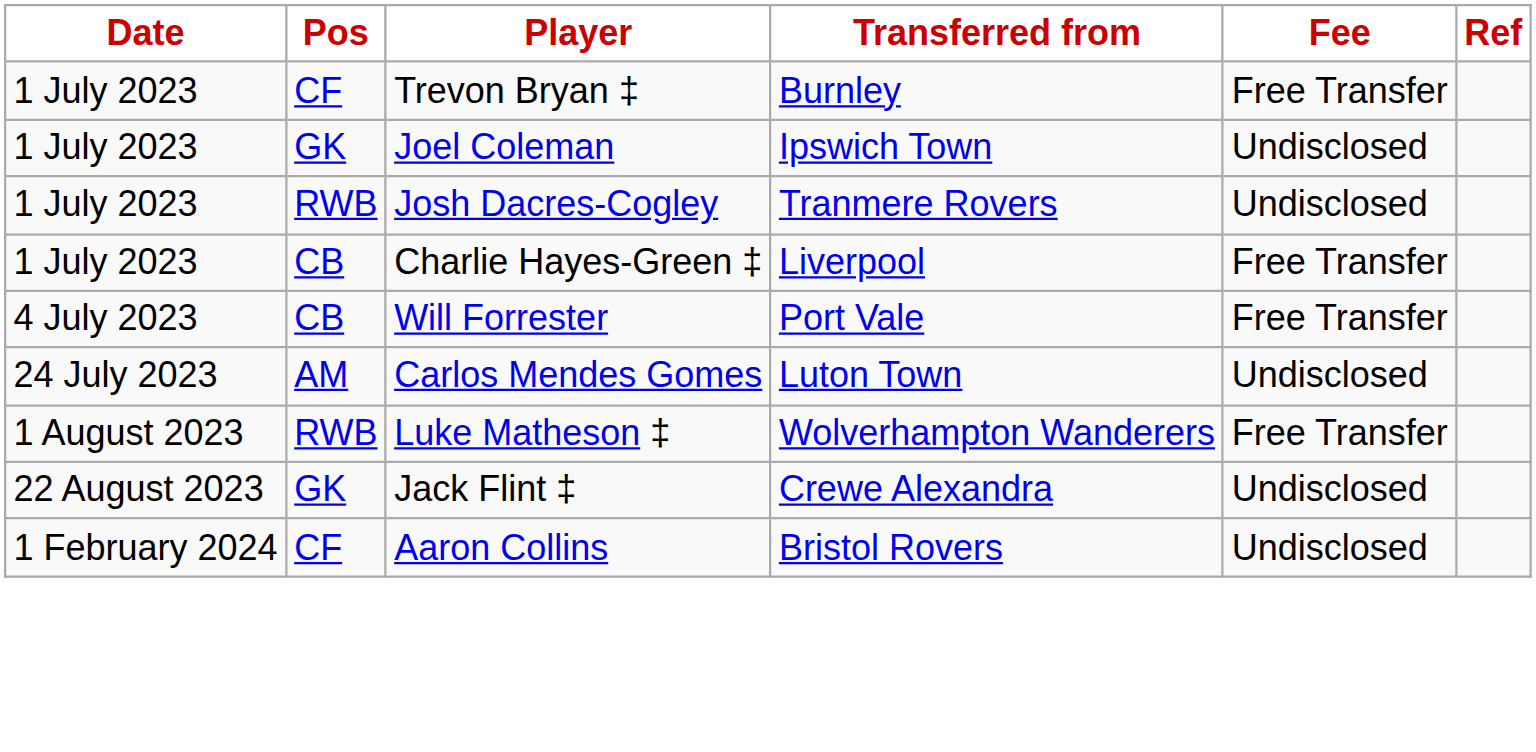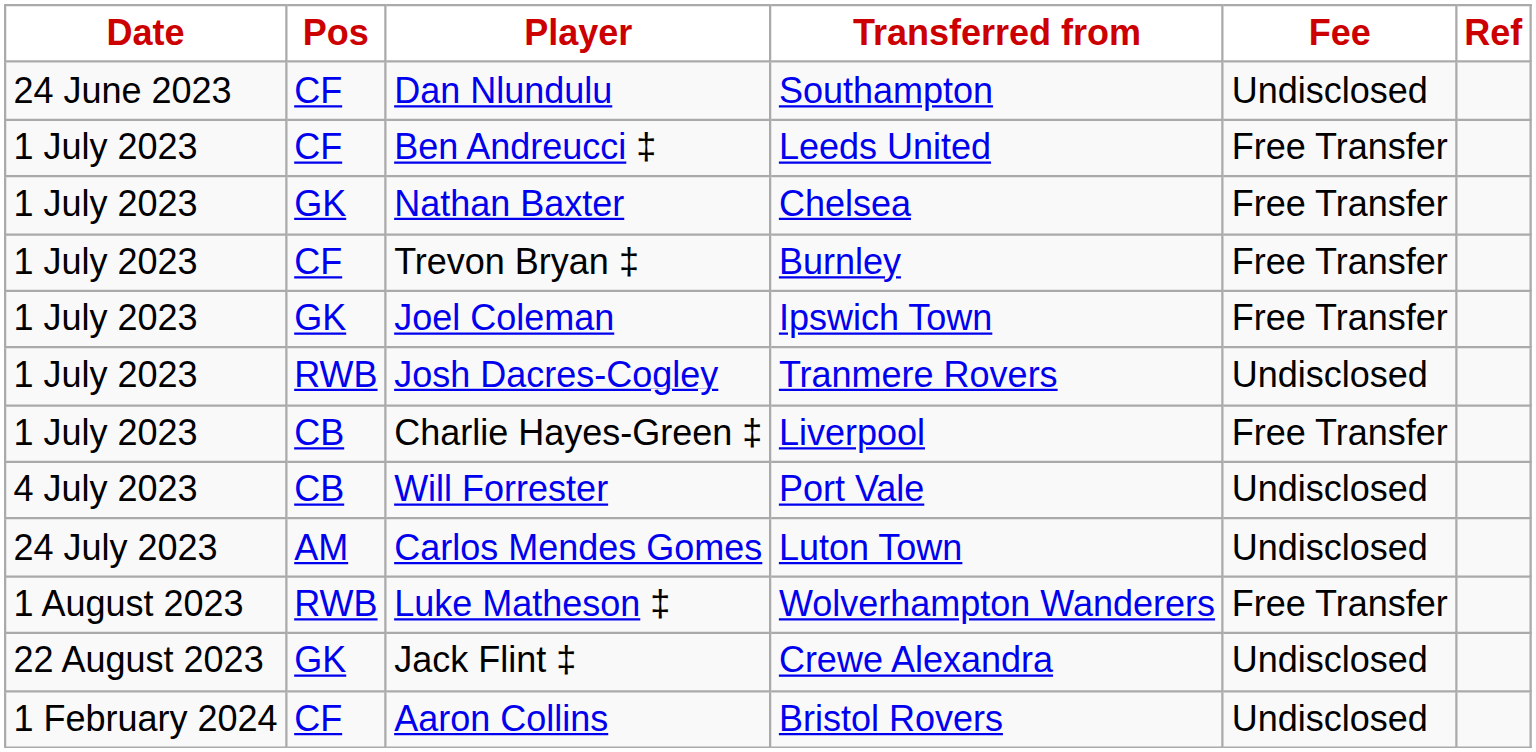 <table class="wikitable plainrowheaders sortable">
 <tr>
 <th style="background:#ffffff;color:#cc0000;">Date</th>
 <th style="background:#ffffff;color:#cc0000;">Pos</th>
 <th style="background:#ffffff;color:#cc0000;">Player</th>
 <th style="background:#ffffff;color:#cc0000;">Transferred from</th>
 <th style="background:#ffffff;color:#cc0000;">Fee</th>
 <th style="background:#ffffff;color:#cc0000;">Ref</th>
+</tr>
+<tr>
+<td>24 June 2023</td>
+<td><a href='#'>CF</a></td>
+<td> <a href='#'>Dan Nlundulu</a></td>
+<td> <a href='#'>Southampton</a></td>
+<td>Undisclosed</td>
+<td></td>
+</tr>
+<tr>
+<td>1 July 2023</td>
+<td><a href='#'>CF</a></td>
+<td> <a href='#'>Ben Andreucci</a> ‡</td>
+<td> <a href='#'>Leeds United</a></td>
+<td>Free Transfer</td>
+<td></td>
+</tr>
+<tr>
+<td>1 July 2023</td>
+<td><a href='#'>GK</a></td>
+<td> <a href='#'>Nathan Baxter</a></td>
+<td> <a href='#'>Chelsea</a></td>
+<td>Free Transfer</td>
+<td></td>
 </tr>
 <tr>
 <td>1 July 2023</td>
 <td><a href='#'>CF</a></td>
 <td> Trevon Bryan ‡</td>
 <td> <a href='#'>Burnley</a></td>
 <td>Free Transfer</td>
 <td></td>
 </tr>
 <tr>
 <td>1 July 2023</td>
 <td><a href='#'>GK</a></td>
 <td> <a href='#'>Joel Coleman</a></td>
 <td> <a href='#'>Ipswich Town</a></td>
-<td>Undisclosed</td>
+<td>Free Transfer</td>
 <td></td>
 </tr>
 <tr>
 <td>1 July 2023</td>
 <td><a href='#'>RWB</a></td>
 <td> <a href='#'>Josh Dacres-Cogley</a></td>
 <td> <a href='#'>Tranmere Rovers</a></td>
 <td>Undisclosed</td>
 <td></td>
 </tr>
 <tr>
 <td>1 July 2023</td>
 <td><a href='#'>CB</a></td>
 <td> Charlie Hayes-Green ‡</td>
 <td> <a href='#'>Liverpool</a></td>
 <td>Free Transfer</td>
 <td></td>
 </tr>
 <tr>
 <td>4 July 2023</td>
 <td><a href='#'>CB</a></td>
 <td> <a href='#'>Will Forrester</a></td>
 <td> <a href='#'>Port Vale</a></td>
-<td>Free Transfer</td>
+<td>Undisclosed</td>
 <td></td>
 </tr>
 <tr>
 <td>24 July 2023</td>
 <td><a href='#'>AM</a></td>
 <td> <a href='#'>Carlos Mendes Gomes</a></td>
 <td> <a href='#'>Luton Town</a></td>
 <td>Undisclosed</td>
 <td></td>
 </tr>
 <tr>
 <td>1 August 2023</td>
 <td><a href='#'>RWB</a></td>
 <td> <a href='#'>Luke Matheson</a> ‡</td>
 <td> <a href='#'>Wolverhampton Wanderers</a></td>
 <td>Free Transfer</td>
 <td></td>
 </tr>
 <tr>
 <td>22 August 2023</td>
 <td><a href='#'>GK</a></td>
 <td> Jack Flint ‡</td>
 <td> <a href='#'>Crewe Alexandra</a></td>
 <td>Undisclosed</td>
 <td></td>
 </tr>
 <tr>
 <td>1 February 2024</td>
 <td><a href='#'>CF</a></td>
 <td> <a href='#'>Aaron Collins</a></td>
 <td> <a href='#'>Bristol Rovers</a></td>
 <td>Undisclosed</td>
 <td></td>
 </tr>
 </table>
